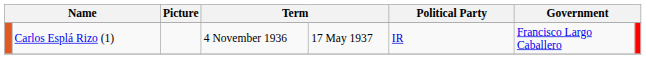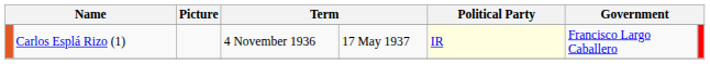 <table class="wikitable" width=70%>
 <tr style="background-color:#cccccc;">
 <th colspan=2 width=25%>Name</th>
 <th width=75>Picture</th>
 <th colspan=2 width=30%>Term</th>
 <th width=20%>Political Party</th>
 <th colspan=2 width=20%>Government</th>
 </tr>
 <tr style="background-color:#cccccc;">
 </tr>
 <tr>
 <td bgcolor=#E25822></td>
 <td><a href='#'>Carlos Esplá Rizo</a> (1)</td>
 <td></td>
 <td>4 November 1936</td>
 <td>17 May 1937</td>
-<td><a href='#'>IR</a></td>
+<td style="background: lightyellow;"><a href='#'>IR</a></td>
 <td><a href='#'>Francisco Largo Caballero</a></td>
 <td bgcolor=#FF0000></td>
 </tr>
 <tr>
 </tr>
 </table>
